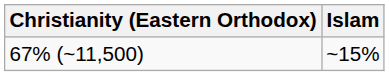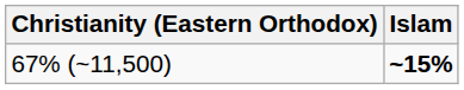 <table class="wikitable">
 <tr>
 <th>Christianity (Eastern Orthodox)</th>
 <th>Islam</th>
 </tr>
 <tr>
 <td>67% (~11,500)</td>
-<td>~15%</td>
+<td><strong>~15%</strong></td>
 </tr>
 </table>
